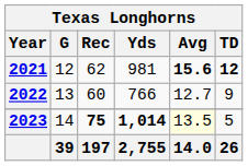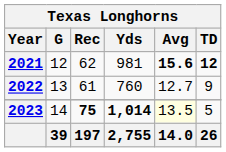 <table class="wikitable" style="text-align: center;">
 <tr>
 <th colspan="7">Texas Longhorns</th>
 </tr>
 <tr>
 <th>Year</th>
 <th>G</th>
 <th>Rec</th>
 <th>Yds</th>
 <th>Avg</th>
 <th>TD</th>
 </tr>
 <tr>
 <th><a href='#'>2021</a></th>
 <td>12</td>
 <td>62</td>
 <td>981</td>
 <td><strong>15.6</strong></td>
 <td><strong>12</strong></td>
 </tr>
 <tr>
 <th><a href='#'>2022</a></th>
 <td>13</td>
-<td>60</td>
-<td>766</td>
+<td>61</td>
+<td>760</td>
 <td>12.7</td>
 <td>9</td>
 </tr>
 <tr>
 </tr>
 <tr>
 <th><a href='#'>2023</a></th>
 <td>14</td>
 <td><strong>75</strong></td>
 <td><strong>1,014</strong></td>
 <td style="background: lightyellow;">13.5</td>
 <td>5</td>
 </tr>
 <tr>
 <th></th>
 <th>39</th>
 <th>197</th>
 <th>2,755</th>
 <th>14.0</th>
 <th>26</th>
 </tr>
 </table>
